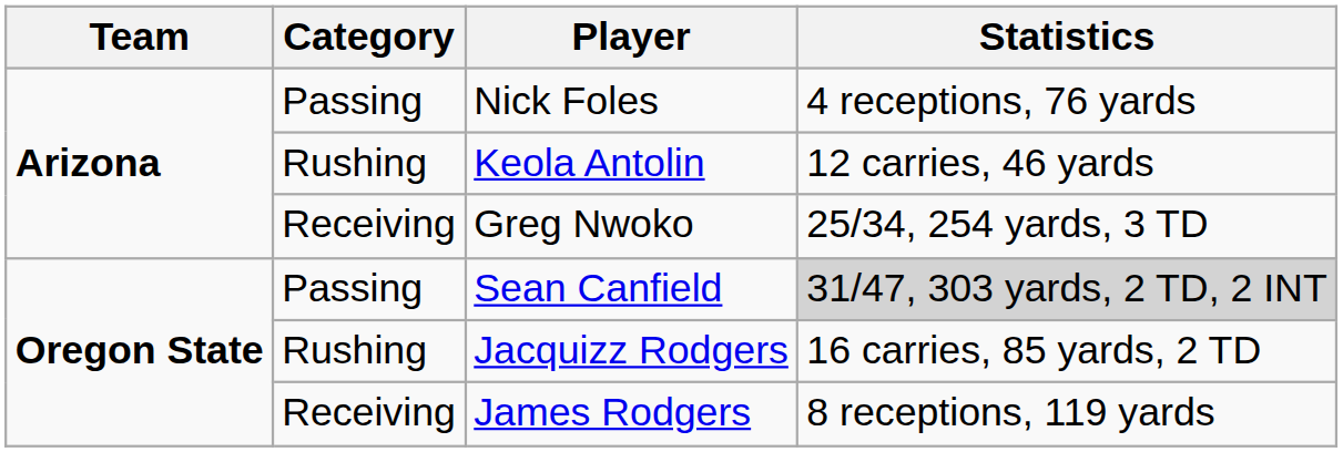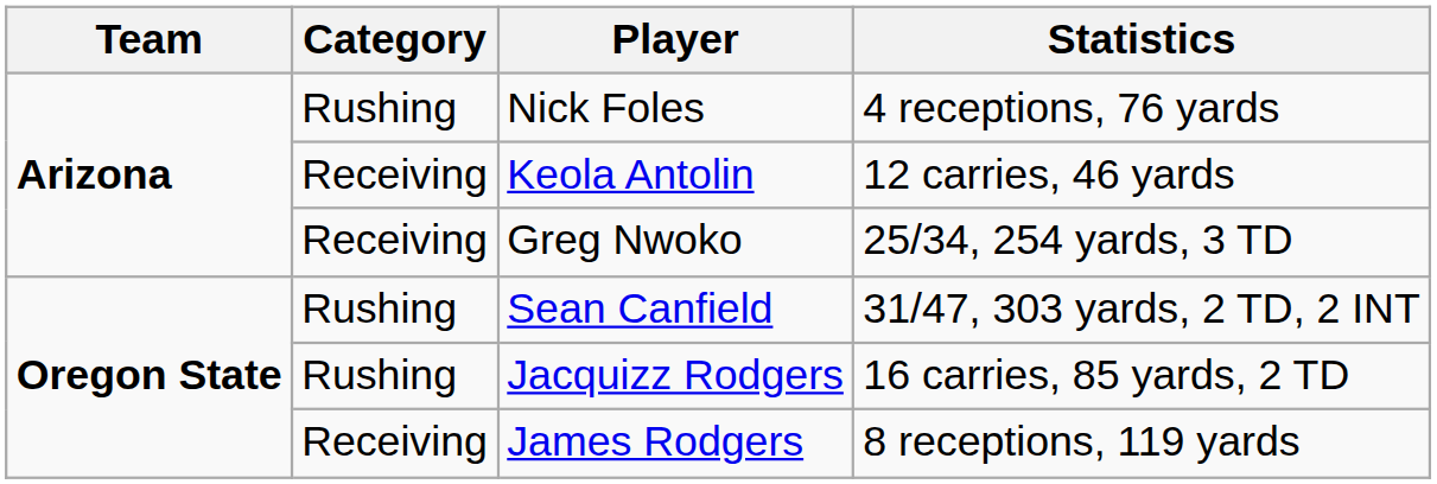 <table class="wikitable" style="float: right;">
 <tr>
 <th>Team</th>
 <th>Category</th>
 <th>Player</th>
 <th>Statistics</th>
 </tr>
 <tr>
 <td rowspan=3><strong>Arizona</strong></td>
-<td>Passing</td>
+<td>Rushing</td>
 <td>Nick Foles</td>
 <td>4 receptions, 76 yards</td>
 </tr>
 <tr>
-<td>Rushing</td>
+<td>Receiving</td>
 <td><a href='#'>Keola Antolin</a></td>
 <td>12 carries, 46 yards</td>
 </tr>
 <tr>
 <td>Receiving</td>
 <td>Greg Nwoko</td>
 <td>25/34, 254 yards, 3 TD</td>
 </tr>
 <tr>
 <td rowspan=3><strong>Oregon State</strong></td>
-<td>Passing</td>
+<td>Rushing</td>
 <td><a href='#'>Sean Canfield</a></td>
-<td style="background: lightgrey;">31/47, 303 yards, 2 TD, 2 INT</td>
+<td>31/47, 303 yards, 2 TD, 2 INT</td>
 </tr>
 <tr>
 <td>Rushing</td>
 <td><a href='#'>Jacquizz Rodgers</a></td>
 <td>16 carries, 85 yards, 2 TD</td>
 </tr>
 <tr>
 <td>Receiving</td>
 <td><a href='#'>James Rodgers</a></td>
 <td>8 receptions, 119 yards</td>
 </tr>
 </table>
